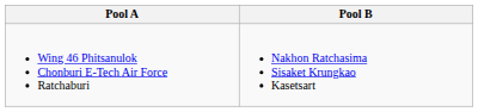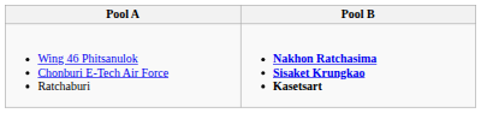 <table class="wikitable" width=50%>
 <tr>
 <th width=25%>Pool A</th>
 <th width=25%>Pool B</th>
 </tr>
 <tr>
 <td><br><ul><li><a href='#'>Wing 46 Phitsanulok</a></li><li><a href='#'>Chonburi E-Tech Air Force</a></li><li>Ratchaburi</li></ul></td>
-<td><br><ul><li><a href='#'>Nakhon Ratchasima</a></li><li><a href='#'>Sisaket Krungkao</a></li><li>Kasetsart</li></ul></td>
+<td><strong><br><ul><li><a href='#'>Nakhon Ratchasima</a></li><li><a href='#'>Sisaket Krungkao</a></li><li>Kasetsart</li></ul></strong></td>
 </tr>
 </table>
